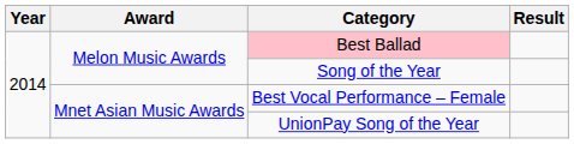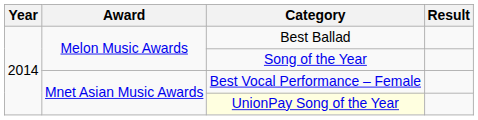 <table class="wikitable plainrowheaders" style="text-align:center;">
 <tr>
 <th>Year</th>
 <th>Award</th>
 <th>Category</th>
 <th>Result</th>
 </tr>
 <tr>
 <td rowspan="4">2014</td>
 <td rowspan="2"><a href='#'>Melon Music Awards</a></td>
-<td style="background: pink;">Best Ballad</td>
+<td>Best Ballad</td>
 <td></td>
 </tr>
 <tr>
 <td><a href='#'>Song of the Year</a></td>
 <td></td>
 </tr>
 <tr>
 <td rowspan="2"><a href='#'>Mnet Asian Music Awards</a></td>
 <td><a href='#'>Best Vocal Performance – Female</a></td>
 <td></td>
 </tr>
 <tr>
-<td><a href='#'>UnionPay Song of the Year</a></td>
+<td style="background: lightyellow;"><a href='#'>UnionPay Song of the Year</a></td>
 <td></td>
 </tr>
 </table>
